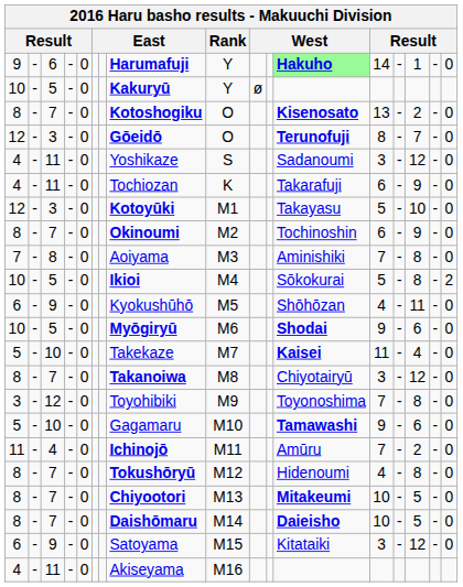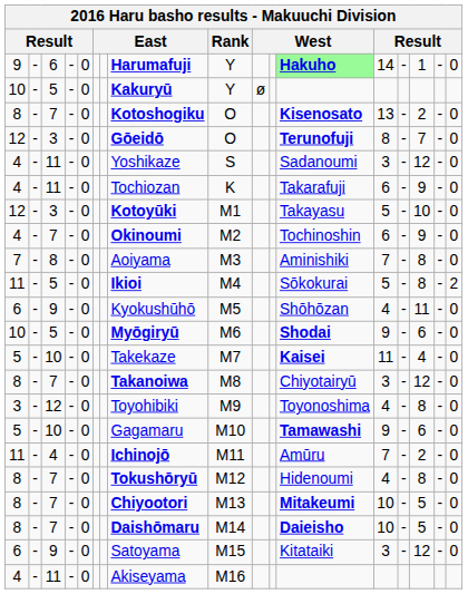 <table class="wikitable">
 <tr>
 <th colspan="17">2016 Haru basho results - Makuuchi Division</th>
 </tr>
 <tr>
 <th colspan="5">Result</th>
 <th colspan="3">East</th>
 <th>Rank</th>
 <th colspan="3">West</th>
 <th colspan="5">Result</th>
 </tr>
 <tr>
 <td align=center>9</td>
 <td align=center>-</td>
 <td align=center>6</td>
 <td align=center>-</td>
 <td align=center>0</td>
 <td align=center></td>
 <td align=center></td>
 <td><strong><a href='#'>Harumafuji</a></strong></td>
 <td align=center>Y</td>
 <td align=center></td>
 <td align=center></td>
 <td style="background: PaleGreen;"><strong><a href='#'>Hakuho</a></strong></td>
 <td align=center>14</td>
 <td align=center>-</td>
 <td align=center>1</td>
 <td align=center>-</td>
 <td align=center>0</td>
 </tr>
 <tr>
 <td align=center>10</td>
 <td align=center>-</td>
 <td align=center>5</td>
 <td align=center>-</td>
 <td align=center>0</td>
 <td align=center></td>
 <td align=center></td>
 <td><strong><a href='#'>Kakuryū</a></strong></td>
 <td align=center>Y</td>
 <td align=center>ø</td>
 <td align=center></td>
 <td></td>
 <td align=center></td>
 <td align=center></td>
 <td align=center></td>
 <td align=center></td>
 <td align=center></td>
 </tr>
 <tr>
 <td align=center>8</td>
 <td align=center>-</td>
 <td align=center>7</td>
 <td align=center>-</td>
 <td align=center>0</td>
 <td align=center></td>
 <td align=center></td>
 <td><strong><a href='#'>Kotoshogiku</a></strong></td>
 <td align=center>O</td>
 <td align=center></td>
 <td align=center></td>
 <td><strong><a href='#'>Kisenosato</a></strong></td>
 <td align=center>13</td>
 <td align=center>-</td>
 <td align=center>2</td>
 <td align=center>-</td>
 <td align=center>0</td>
 </tr>
 <tr>
 <td align=center>12</td>
 <td align=center>-</td>
 <td align=center>3</td>
 <td align=center>-</td>
 <td align=center>0</td>
 <td align=center></td>
 <td align=center></td>
 <td><strong><a href='#'>Gōeidō</a></strong></td>
 <td align=center>O</td>
 <td align=center></td>
 <td align=center></td>
 <td><strong><a href='#'>Terunofuji</a></strong></td>
 <td align=center>8</td>
 <td align=center>-</td>
 <td align=center>7</td>
 <td align=center>-</td>
 <td align=center>0</td>
 </tr>
 <tr>
 <td align=center>4</td>
 <td align=center>-</td>
 <td align=center>11</td>
 <td align=center>-</td>
 <td align=center>0</td>
 <td align=center></td>
 <td align=center></td>
 <td><a href='#'>Yoshikaze</a></td>
 <td align=center>S</td>
 <td align=center></td>
 <td align=center></td>
 <td><a href='#'>Sadanoumi</a></td>
 <td align=center>3</td>
 <td align=center>-</td>
 <td align=center>12</td>
 <td align=center>-</td>
 <td align=center>0</td>
 </tr>
 <tr>
 <td align=center>4</td>
 <td align=center>-</td>
 <td align=center>11</td>
 <td align=center>-</td>
 <td align=center>0</td>
 <td align=center></td>
 <td align=center></td>
 <td><a href='#'>Tochiozan</a></td>
 <td align=center>K</td>
 <td align=center></td>
 <td align=center></td>
 <td><a href='#'>Takarafuji</a></td>
 <td align=center>6</td>
 <td align=center>-</td>
 <td align=center>9</td>
 <td align=center>-</td>
 <td align=center>0</td>
 </tr>
 <tr>
 <td align=center>12</td>
 <td align=center>-</td>
 <td align=center>3</td>
 <td align=center>-</td>
 <td align=center>0</td>
 <td align=center></td>
 <td align=center></td>
 <td><strong><a href='#'>Kotoyūki</a></strong></td>
 <td align=center>M1</td>
 <td align=center></td>
 <td align=center></td>
 <td><a href='#'>Takayasu</a></td>
 <td align=center>5</td>
 <td align=center>-</td>
 <td align=center>10</td>
 <td align=center>-</td>
 <td align=center>0</td>
 </tr>
 <tr>
-<td align=center>8</td>
+<td align=center>4</td>
 <td align=center>-</td>
 <td align=center>7</td>
 <td align=center>-</td>
 <td align=center>0</td>
 <td align=center></td>
 <td align=center></td>
 <td><strong><a href='#'>Okinoumi</a></strong></td>
 <td align=center>M2</td>
 <td align=center></td>
 <td align=center></td>
 <td><a href='#'>Tochinoshin</a></td>
 <td align=center>6</td>
 <td align=center>-</td>
 <td align=center>9</td>
 <td align=center>-</td>
 <td align=center>0</td>
 </tr>
 <tr>
 <td align=center>7</td>
 <td align=center>-</td>
 <td align=center>8</td>
 <td align=center>-</td>
 <td align=center>0</td>
 <td align=center></td>
 <td align=center></td>
 <td><a href='#'>Aoiyama</a></td>
 <td align=center>M3</td>
 <td align=center></td>
 <td align=center></td>
 <td><a href='#'>Aminishiki</a></td>
 <td align=center>7</td>
 <td align=center>-</td>
 <td align=center>8</td>
 <td align=center>-</td>
 <td align=center>0</td>
 </tr>
 <tr>
-<td align=center>10</td>
+<td align=center>11</td>
 <td align=center>-</td>
 <td align=center>5</td>
 <td align=center>-</td>
 <td align=center>0</td>
 <td align=center></td>
 <td align=center></td>
 <td><strong><a href='#'>Ikioi</a></strong></td>
 <td align=center>M4</td>
 <td align=center></td>
 <td align=center></td>
 <td><a href='#'>Sōkokurai</a></td>
 <td align=center>5</td>
 <td align=center>-</td>
 <td align=center>8</td>
 <td align=center>-</td>
 <td align=center>2</td>
 </tr>
 <tr>
 <td align=center>6</td>
 <td align=center>-</td>
 <td align=center>9</td>
 <td align=center>-</td>
 <td align=center>0</td>
 <td align=center></td>
 <td align=center></td>
 <td><a href='#'>Kyokushūhō</a></td>
 <td align=center>M5</td>
 <td align=center></td>
 <td align=center></td>
 <td><a href='#'>Shōhōzan</a></td>
 <td align=center>4</td>
 <td align=center>-</td>
 <td align=center>11</td>
 <td align=center>-</td>
 <td align=center>0</td>
 </tr>
 <tr>
 <td align=center>10</td>
 <td align=center>-</td>
 <td align=center>5</td>
 <td align=center>-</td>
 <td align=center>0</td>
 <td align=center></td>
 <td align=center></td>
 <td><strong><a href='#'>Myōgiryū</a></strong></td>
 <td align=center>M6</td>
 <td align=center></td>
 <td align=center></td>
 <td><strong><a href='#'>Shodai</a></strong></td>
 <td align=center>9</td>
 <td align=center>-</td>
 <td align=center>6</td>
 <td align=center>-</td>
 <td align=center>0</td>
 </tr>
 <tr>
 <td align=center>5</td>
 <td align=center>-</td>
 <td align=center>10</td>
 <td align=center>-</td>
 <td align=center>0</td>
 <td align=center></td>
 <td align=center></td>
 <td><a href='#'>Takekaze</a></td>
 <td align=center>M7</td>
 <td align=center></td>
 <td align=center></td>
 <td><strong><a href='#'>Kaisei</a></strong></td>
 <td align=center>11</td>
 <td align=center>-</td>
 <td align=center>4</td>
 <td align=center>-</td>
 <td align=center>0</td>
 </tr>
 <tr>
 <td align=center>8</td>
 <td align=center>-</td>
 <td align=center>7</td>
 <td align=center>-</td>
 <td align=center>0</td>
 <td align=center></td>
 <td align=center></td>
 <td><strong><a href='#'>Takanoiwa</a></strong></td>
 <td align=center>M8</td>
 <td align=center></td>
 <td align=center></td>
 <td><a href='#'>Chiyotairyū</a></td>
 <td align=center>3</td>
 <td align=center>-</td>
 <td align=center>12</td>
 <td align=center>-</td>
 <td align=center>0</td>
 </tr>
 <tr>
 <td align=center>3</td>
 <td align=center>-</td>
 <td align=center>12</td>
 <td align=center>-</td>
 <td align=center>0</td>
 <td align=center></td>
 <td align=center></td>
 <td><a href='#'>Toyohibiki</a></td>
 <td align=center>M9</td>
 <td align=center></td>
 <td align=center></td>
 <td><a href='#'>Toyonoshima</a></td>
-<td align=center>7</td>
+<td align=center>4</td>
 <td align=center>-</td>
 <td align=center>8</td>
 <td align=center>-</td>
 <td align=center>0</td>
 </tr>
 <tr>
 <td align=center>5</td>
 <td align=center>-</td>
 <td align=center>10</td>
 <td align=center>-</td>
 <td align=center>0</td>
 <td align=center></td>
 <td align=center></td>
 <td><a href='#'>Gagamaru</a></td>
 <td align=center>M10</td>
 <td align=center></td>
 <td align=center></td>
 <td><strong><a href='#'>Tamawashi</a></strong></td>
 <td align=center>9</td>
 <td align=center>-</td>
 <td align=center>6</td>
 <td align=center>-</td>
 <td align=center>0</td>
 </tr>
 <tr>
 <td align=center>11</td>
 <td align=center>-</td>
 <td align=center>4</td>
 <td align=center>-</td>
 <td align=center>0</td>
 <td align=center></td>
 <td align=center></td>
 <td><strong><a href='#'>Ichinojō</a></strong></td>
 <td align=center>M11</td>
 <td align=center></td>
 <td align=center></td>
 <td><a href='#'>Amūru</a></td>
 <td align=center>7</td>
 <td align=center>-</td>
 <td align=center>2</td>
 <td align=center>-</td>
 <td align=center>0</td>
 </tr>
 <tr>
 <td align=center>8</td>
 <td align=center>-</td>
 <td align=center>7</td>
 <td align=center>-</td>
 <td align=center>0</td>
 <td align=center></td>
 <td align=center></td>
 <td><strong><a href='#'>Tokushōryū</a></strong></td>
 <td align=center>M12</td>
 <td align=center></td>
 <td align=center></td>
 <td><a href='#'>Hidenoumi</a></td>
 <td align=center>4</td>
 <td align=center>-</td>
 <td align=center>8</td>
 <td align=center>-</td>
 <td align=center>0</td>
 </tr>
 <tr>
 <td align=center>8</td>
 <td align=center>-</td>
 <td align=center>7</td>
 <td align=center>-</td>
 <td align=center>0</td>
 <td align=center></td>
 <td align=center></td>
 <td><strong><a href='#'>Chiyootori</a></strong></td>
 <td align=center>M13</td>
 <td align=center></td>
 <td align=center></td>
 <td><strong><a href='#'>Mitakeumi</a></strong></td>
 <td align=center>10</td>
 <td align=center>-</td>
 <td align=center>5</td>
 <td align=center>-</td>
 <td align=center>0</td>
 </tr>
 <tr>
 <td align=center>8</td>
 <td align=center>-</td>
 <td align=center>7</td>
 <td align=center>-</td>
 <td align=center>0</td>
 <td align=center></td>
 <td align=center></td>
 <td><strong><a href='#'>Daishōmaru</a></strong></td>
 <td align=center>M14</td>
 <td align=center></td>
 <td align=center></td>
 <td><strong><a href='#'>Daieisho</a></strong></td>
 <td align=center>10</td>
 <td align=center>-</td>
 <td align=center>5</td>
 <td align=center>-</td>
 <td align=center>0</td>
 </tr>
 <tr>
 <td align=center>6</td>
 <td align=center>-</td>
 <td align=center>9</td>
 <td align=center>-</td>
 <td align=center>0</td>
 <td align=center></td>
 <td align=center></td>
 <td><a href='#'>Satoyama</a></td>
 <td align=center>M15</td>
 <td align=center></td>
 <td align=center></td>
 <td><a href='#'>Kitataiki</a></td>
 <td align=center>3</td>
 <td align=center>-</td>
 <td align=center>12</td>
 <td align=center>-</td>
 <td align=center>0</td>
 </tr>
 <tr>
 <td align=center>4</td>
 <td align=center>-</td>
 <td align=center>11</td>
 <td align=center>-</td>
 <td align=center>0</td>
 <td align=center></td>
 <td align=center></td>
 <td><a href='#'>Akiseyama</a></td>
 <td align=center>M16</td>
 <td align=center></td>
 <td align=center></td>
 <td></td>
 <td align=center></td>
 <td align=center></td>
 <td align=center></td>
 <td align=center></td>
 <td align=center></td>
 </tr>
 </table>
